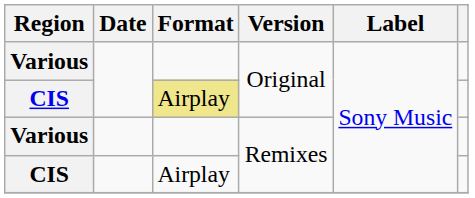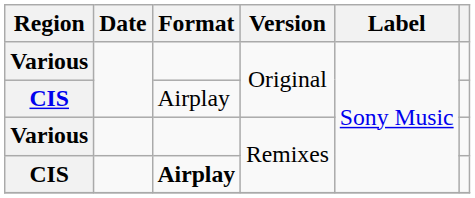 <table class="wikitable plainrowheaders">
 <tr>
 <th scope="col">Region</th>
 <th scope="col">Date</th>
 <th scope="col">Format</th>
 <th scope="col">Version</th>
 <th scope="col">Label</th>
 <th scope="col"></th>
 </tr>
 <tr>
 <th scope="row">Various</th>
 <td rowspan="2"></td>
 <td></td>
 <td rowspan="2" align="center">Original</td>
 <td rowspan="4"><a href='#'>Sony Music</a></td>
 <td align="center"></td>
 </tr>
 <tr>
 <th scope="row"><a href='#'>CIS</a></th>
-<td style="background: khaki;">Airplay</td>
+<td>Airplay</td>
 <td align="center"></td>
 </tr>
 <tr>
 <th scope="row">Various</th>
 <td></td>
 <td></td>
 <td rowspan="2" align="center">Remixes</td>
 <td align="center"></td>
 </tr>
 <tr>
 <th scope="row">CIS</th>
 <td></td>
-<td>Airplay</td>
+<td><strong>Airplay</strong></td>
 <td align="center"></td>
 </tr>
 <tr>
 </tr>
 </table>
